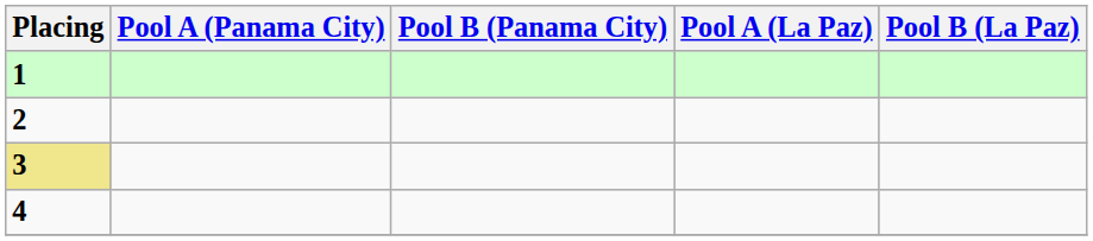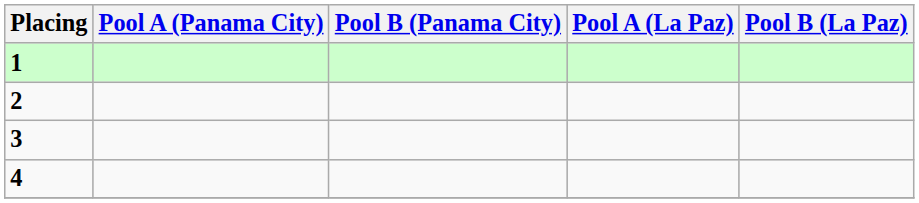 <table class=wikitable style="border:1px solid #AAAAAA;">
 <tr>
 <th>Placing</th>
 <th><a href='#'>Pool A (Panama City)</a></th>
 <th><a href='#'>Pool B (Panama City)</a></th>
 <th><a href='#'>Pool A (La Paz)</a></th>
 <th><a href='#'>Pool B (La Paz)</a></th>
 </tr>
 <tr style="background: #ccffcc;">
 <td><strong>1</strong></td>
 <td></td>
 <td></td>
 <td></td>
 <td></td>
 </tr>
 <tr>
 <td><strong>2</strong></td>
 <td></td>
 <td></td>
 <td></td>
 <td></td>
 </tr>
 <tr>
-<td style="background: khaki;"><strong>3</strong></td>
+<td><strong>3</strong></td>
 <td></td>
 <td></td>
 <td></td>
 <td></td>
 </tr>
 <tr>
 <td><strong>4</strong></td>
 <td></td>
 <td></td>
 <td></td>
 <td></td>
 </tr>
 <tr>
 </tr>
 </table>
